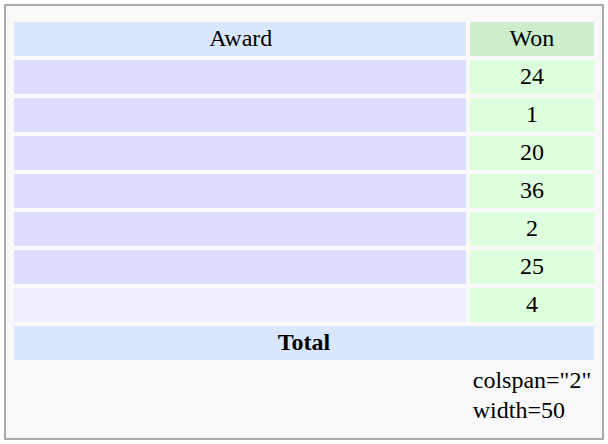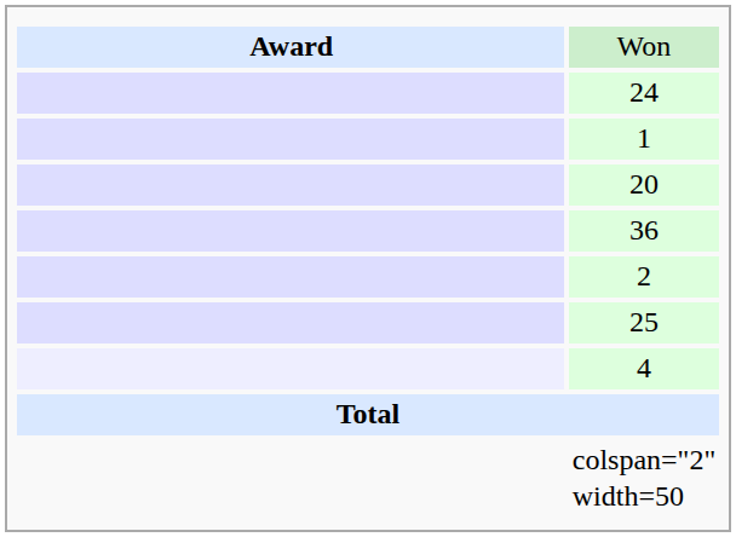 <table class="infobox" style="width: 25em; text-align: left; font-size: 75%; vertical-align: middle;">
 <tr>
 <td colspan="3" style="text-align:center;"></td>
 </tr>
 <tr bgcolor=#D9E8FF>
-<td style="text-align:center;">Award</td>
+<td style="text-align:center;"><strong>Award</strong></td>
 <td style="text-align:center;background: #cceecc;text-size:0.9em" width=50>Won</td>
 </tr>
 <tr bgcolor=#ddddff>
 <td align="center"><br></td>
 <td style="text-align:center;background: #ddffdd;vertical-align: middle;">24</td>
 </tr>
 <tr bgcolor=#ddddff>
 <td align="center"><br></td>
 <td style="text-align:center;background: #ddffdd;vertical-align: middle;">1</td>
 </tr>
 <tr bgcolor=#ddddff>
 <td align="center"><br></td>
 <td style="text-align:center;background: #ddffdd;vertical-align: middle;">20</td>
 </tr>
 <tr bgcolor=#ddddff>
 <td align="center"><br></td>
 <td style="text-align:center;background: #ddffdd;vertical-align: middle;">36</td>
 </tr>
 <tr bgcolor=#ddddff>
 <td align="center"><br></td>
 <td style="text-align:center;background: #ddffdd;vertical-align: middle;">2</td>
 </tr>
 <tr bgcolor=#ddddff>
 <td align="center"><br></td>
 <td style="text-align:center;background: #ddffdd;vertical-align: middle;">25</td>
 </tr>
 <tr bgcolor=#eeeeff>
 <td align="center"><br></td>
 <td style="text-align:center;background: #ddffdd;vertical-align: middle;">4</td>
 </tr>
 <tr bgcolor=#D9E8FF>
 <td colspan="3" style="text-align:center;"><strong>Total</strong></td>
 </tr>
 <tr>
 <td></td>
 <td>colspan="2" width=50 </td>
 </tr>
 </table>
